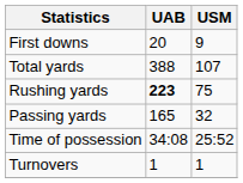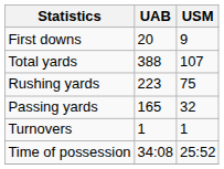 <table class="wikitable">
 <tr>
 <th>Statistics</th>
 <th>UAB</th>
 <th>USM</th>
 </tr>
 <tr>
 <td>First downs</td>
 <td>20</td>
 <td>9</td>
 </tr>
 <tr>
 <td>Total yards</td>
 <td>388</td>
 <td>107</td>
 </tr>
 <tr>
 <td>Rushing yards</td>
-<td><strong>223</strong></td>
+<td>223</td>
 <td>75</td>
 </tr>
 <tr>
 <td>Passing yards</td>
 <td>165</td>
 <td>32</td>
 </tr>
 <tr>
+<td>Turnovers</td>
+<td>1</td>
+<td>1</td>
+</tr>
+<tr>
 <td>Time of possession</td>
 <td>34:08</td>
 <td>25:52</td>
 </tr>
 <tr>
-<td>Turnovers</td>
-<td>1</td>
-<td>1</td>
-</tr>
-<tr>
 </tr>
 </table>
